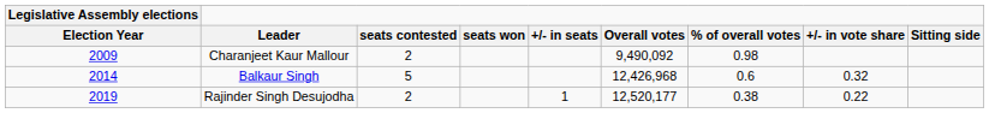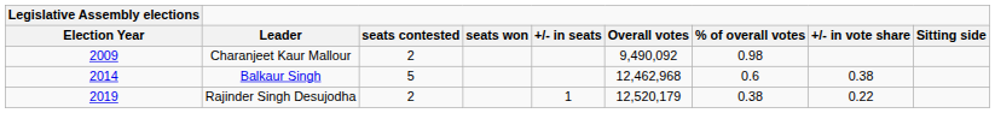 <table class="wikitable sortable " style="text-align:center;">
 <tr>
 <th style="background-color:">Legislative Assembly elections</th>
 </tr>
 <tr>
 <th style="background-color:">Election Year</th>
 <th style="background-color:">Leader</th>
 <th style="background-color:">seats contested</th>
 <th style="background-color:">seats won</th>
 <th style="background-color:">+/- in seats</th>
 <th style="background-color:">Overall votes</th>
 <th style="background-color:">% of overall votes</th>
 <th style="background-color:">+/- in vote share</th>
 <th style="background-color:">Sitting side</th>
 </tr>
 <tr>
 <td><a href='#'>2009</a></td>
 <td>Charanjeet Kaur Mallour</td>
 <td>2</td>
 <td></td>
 <td></td>
 <td>9,490,092</td>
 <td>0.98</td>
 <td></td>
 <td></td>
 </tr>
 <tr>
 <td><a href='#'>2014</a></td>
 <td><a href='#'>Balkaur Singh</a></td>
 <td>5</td>
 <td></td>
 <td></td>
-<td>12,426,968</td>
+<td>12,462,968</td>
 <td>0.6</td>
-<td> 0.32</td>
+<td> 0.38</td>
 <td></td>
 </tr>
 <tr>
 <td><a href='#'>2019</a></td>
 <td>Rajinder Singh Desujodha</td>
 <td>2</td>
 <td></td>
 <td> 1</td>
-<td>12,520,177</td>
+<td>12,520,179</td>
 <td>0.38</td>
 <td> 0.22</td>
 <td></td>
 </tr>
 </table>
